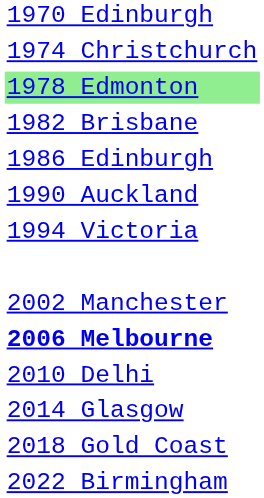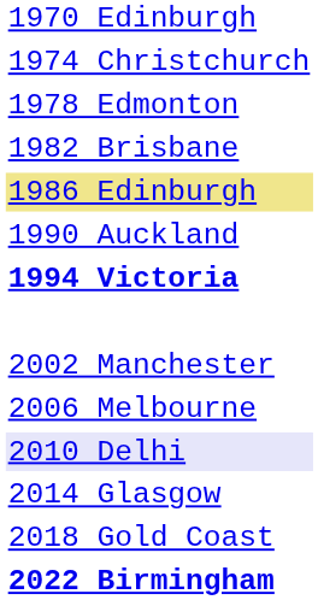 <table>
 <tr>
 <td><a href='#'>1970 Edinburgh</a></td>
 <td></td>
 <td></td>
 <td></td>
 </tr>
 <tr>
 <td><a href='#'>1974 Christchurch</a></td>
 <td></td>
 <td></td>
 <td></td>
 </tr>
 <tr>
-<td style="background: lightgreen;"><a href='#'>1978 Edmonton</a></td>
+<td><a href='#'>1978 Edmonton</a></td>
 <td></td>
 <td></td>
 <td></td>
 </tr>
 <tr>
 <td><a href='#'>1982 Brisbane</a></td>
 <td></td>
 <td></td>
 <td></td>
 </tr>
 <tr>
-<td><a href='#'>1986 Edinburgh</a></td>
+<td style="background: khaki;"><a href='#'>1986 Edinburgh</a></td>
 <td></td>
 <td></td>
 <td></td>
 </tr>
 <tr>
 <td><a href='#'>1990 Auckland</a></td>
 <td></td>
 <td></td>
 <td></td>
 </tr>
 <tr>
-<td><a href='#'>1994 Victoria</a></td>
+<td><strong><a href='#'>1994 Victoria</a></strong></td>
 <td></td>
 <td></td>
 <td></td>
 </tr>
 <tr>
 <td><br></td>
 <td></td>
 <td></td>
 <td></td>
 </tr>
 <tr>
 <td><a href='#'>2002 Manchester</a><br></td>
 <td></td>
 <td></td>
 <td></td>
 </tr>
 <tr>
-<td><strong><a href='#'>2006 Melbourne</a><br></strong></td>
+<td><a href='#'>2006 Melbourne</a><br></td>
 <td></td>
 <td></td>
 <td></td>
 </tr>
 <tr>
-<td><a href='#'>2010 Delhi</a><br></td>
+<td style="background: lavender;"><a href='#'>2010 Delhi</a><br></td>
 <td></td>
 <td></td>
 <td></td>
 </tr>
 <tr>
 <td><a href='#'>2014 Glasgow</a><br></td>
 <td></td>
 <td></td>
 <td></td>
 </tr>
 <tr>
 <td><a href='#'>2018 Gold Coast</a><br></td>
 <td></td>
 <td></td>
 <td></td>
 </tr>
 <tr>
-<td><a href='#'>2022 Birmingham</a><br></td>
+<td><strong><a href='#'>2022 Birmingham</a><br></strong></td>
 <td></td>
 <td></td>
 <td></td>
 </tr>
 </table>
